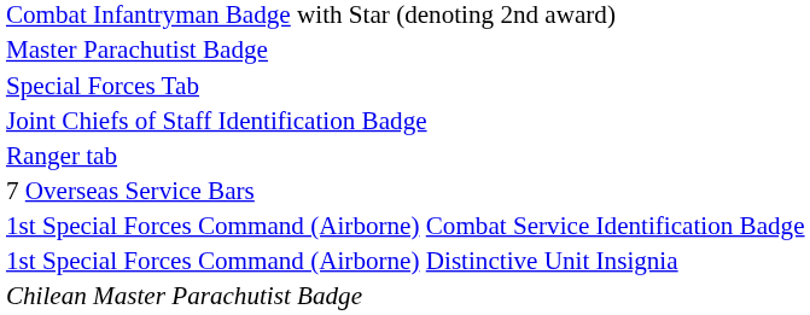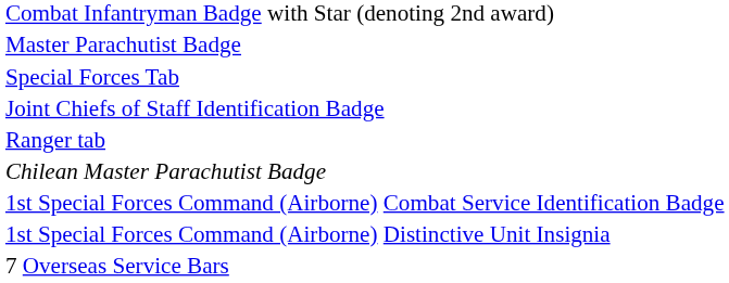 <table>
 <tr>
 <td> <a href='#'>Combat Infantryman Badge</a> with Star (denoting 2nd award)</td>
 </tr>
 <tr>
 <td><span></span> <a href='#'>Master Parachutist Badge</a></td>
 </tr>
 <tr>
 <td> <a href='#'>Special Forces Tab</a></td>
 </tr>
 <tr>
 <td> <a href='#'>Joint Chiefs of Staff Identification Badge</a></td>
 </tr>
 <tr>
 <td> <a href='#'>Ranger tab</a></td>
 </tr>
 <tr>
-<td> 7 <a href='#'>Overseas Service Bars</a></td>
+<td> <em>Chilean Master Parachutist Badge</em></td>
 </tr>
 <tr>
 <td> <a href='#'>1st Special Forces Command (Airborne)</a> <a href='#'>Combat Service Identification Badge</a></td>
 </tr>
 <tr>
 <td> <a href='#'>1st Special Forces Command (Airborne)</a> <a href='#'>Distinctive Unit Insignia</a></td>
 </tr>
 <tr>
-<td> <em>Chilean Master Parachutist Badge</em></td>
+<td> 7 <a href='#'>Overseas Service Bars</a></td>
 </tr>
 </table>
